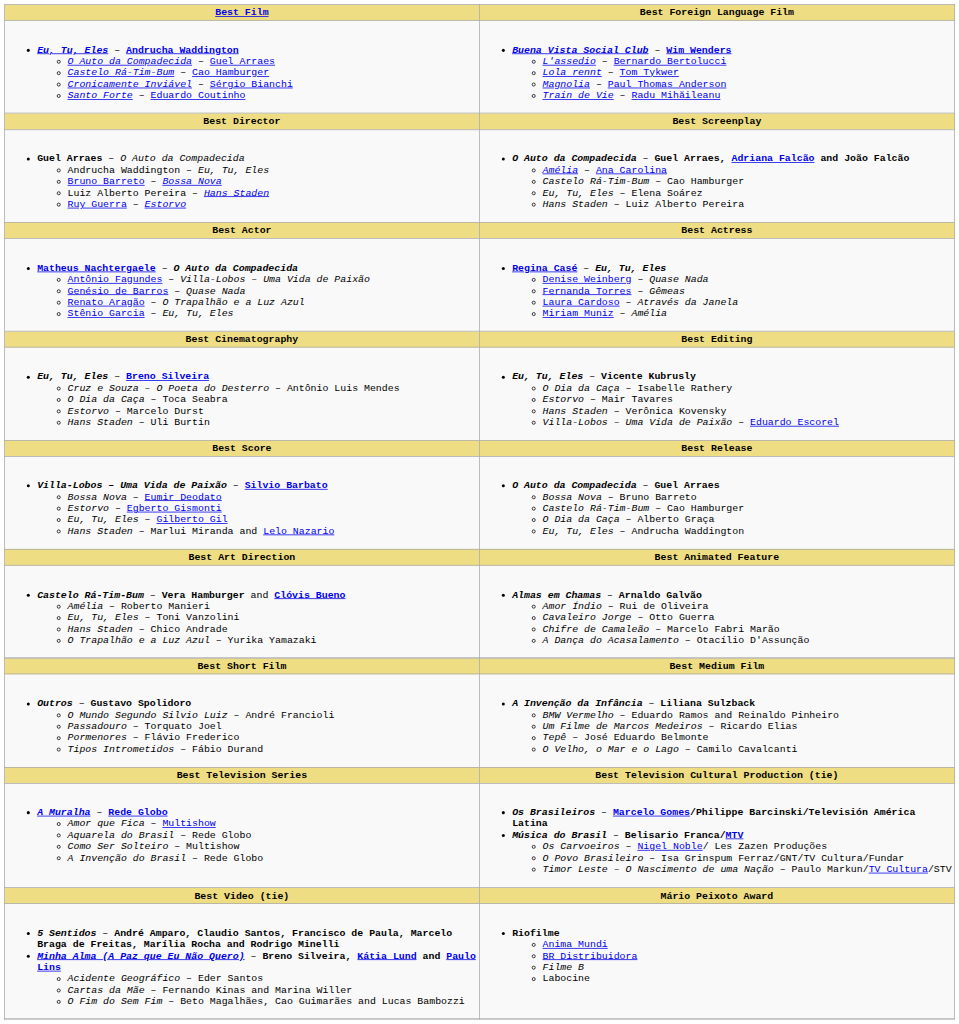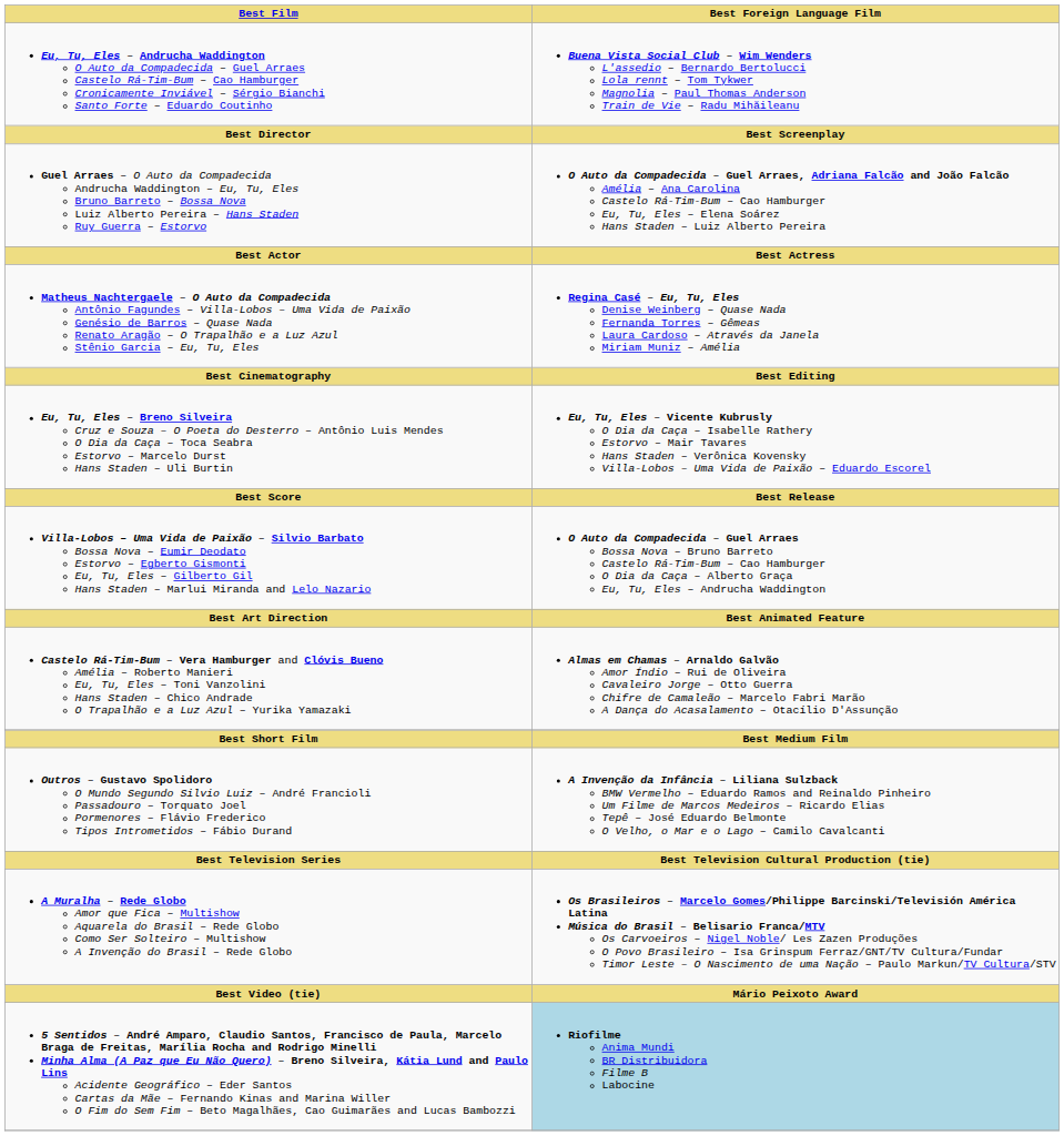 <table class=wikitable>
 <tr>
 <th style="background:#EEDD82; width:50%"><a href='#'>Best Film</a></th>
 <th style="background:#EEDD82; width:50%">Best Foreign Language Film</th>
 </tr>
 <tr>
 <td valign="top"><br><ul><li><strong><em><a href='#'>Eu, Tu, Eles</a></em></strong> – <strong><a href='#'>Andrucha Waddington</a></strong><ul><li><em><a href='#'>O Auto da Compadecida</a></em> – <a href='#'>Guel Arraes</a></li><li><em><a href='#'>Castelo Rá-Tim-Bum</a></em> – <a href='#'>Cao Hamburger</a></li><li><em><a href='#'>Cronicamente Inviável</a></em> – <a href='#'>Sérgio Bianchi</a></li><li><em><a href='#'>Santo Forte</a></em> – <a href='#'>Eduardo Coutinho</a></li></ul></li></ul></td>
 <td valign="top"><br><ul><li><strong><em><a href='#'>Buena Vista Social Club</a></em></strong> – <strong><a href='#'>Wim Wenders</a></strong><ul><li><em><a href='#'>L'assedio</a></em> – <a href='#'>Bernardo Bertolucci</a></li><li><em><a href='#'>Lola rennt</a></em> – <a href='#'>Tom Tykwer</a></li><li><em><a href='#'>Magnolia</a></em> – <a href='#'>Paul Thomas Anderson</a></li><li><em><a href='#'>Train de Vie</a></em> – <a href='#'>Radu Mihăileanu</a></li></ul></li></ul></td>
 </tr>
 <tr>
 <th style="background:#EEDD82; width:50%">Best Director</th>
 <th style="background:#EEDD82; width:50%">Best Screenplay</th>
 </tr>
 <tr>
 <td valign="top"><br><ul><li><strong>Guel Arraes</strong> – <em>O Auto da Compadecida</em><ul><li>Andrucha Waddington – <em>Eu, Tu, Eles</em></li><li><a href='#'>Bruno Barreto</a> – <em><a href='#'>Bossa Nova</a></em></li><li>Luiz Alberto Pereira – <em><a href='#'>Hans Staden</a></em></li><li><a href='#'>Ruy Guerra</a> – <em><a href='#'>Estorvo</a></em></li></ul></li></ul></td>
 <td valign="top"><br><ul><li><strong><em>O Auto da Compadecida</em></strong> – <strong>Guel Arraes, <a href='#'>Adriana Falcão</a> and João Falcão</strong><ul><li><em><a href='#'>Amélia</a></em> – <a href='#'>Ana Carolina</a></li><li><em>Castelo Rá-Tim-Bum</em> – Cao Hamburger</li><li><em>Eu, Tu, Eles</em> – Elena Soárez</li><li><em>Hans Staden</em> – Luiz Alberto Pereira</li></ul></li></ul></td>
 </tr>
 <tr>
 <th style="background:#EEDD82; width:50%">Best Actor</th>
 <th style="background:#EEDD82; width:50%">Best Actress</th>
 </tr>
 <tr>
 <td valign="top"><br><ul><li><strong><a href='#'>Matheus Nachtergaele</a></strong> – <strong><em>O Auto da Compadecida</em></strong><ul><li><a href='#'>Antônio Fagundes</a> – <em>Villa-Lobos – Uma Vida de Paixão</em></li><li><a href='#'>Genésio de Barros</a> – <em>Quase Nada</em></li><li><a href='#'>Renato Aragão</a> – <em>O Trapalhão e a Luz Azul</em></li><li><a href='#'>Stênio Garcia</a> – <em>Eu, Tu, Eles</em></li></ul></li></ul></td>
 <td valign="top"><br><ul><li><strong><a href='#'>Regina Casé</a></strong> – <strong><em>Eu, Tu, Eles</em></strong><ul><li><a href='#'>Denise Weinberg</a> – <em>Quase Nada</em></li><li><a href='#'>Fernanda Torres</a> – <em>Gêmeas</em></li><li><a href='#'>Laura Cardoso</a> – <em>Através da Janela</em></li><li><a href='#'>Miriam Muniz</a> – <em>Amélia</em></li></ul></li></ul></td>
 </tr>
 <tr>
 <th style="background:#EEDD82; width:50%">Best Cinematography</th>
 <th style="background:#EEDD82; width:50%">Best Editing</th>
 </tr>
 <tr>
 <td valign="top"><br><ul><li><strong><em>Eu, Tu, Eles</em></strong> – <strong><a href='#'>Breno Silveira</a></strong><ul><li><em>Cruz e Souza – O Poeta do Desterro</em> – Antônio Luis Mendes</li><li><em>O Dia da Caça</em> – Toca Seabra</li><li><em>Estorvo</em> – Marcelo Durst</li><li><em>Hans Staden</em> – Uli Burtin</li></ul></li></ul></td>
 <td valign="top"><br><ul><li><strong><em>Eu, Tu, Eles</em></strong> – <strong>Vicente Kubrusly</strong><ul><li><em>O Dia da Caça</em> – Isabelle Rathery</li><li><em>Estorvo</em> – Mair Tavares</li><li><em>Hans Staden</em> – Verônica Kovensky</li><li><em>Villa-Lobos – Uma Vida de Paixão</em> – <a href='#'>Eduardo Escorel</a></li></ul></li></ul></td>
 </tr>
 <tr>
 <th style="background:#EEDD82; width:50%">Best Score</th>
 <th style="background:#EEDD82; width:50%">Best Release</th>
 </tr>
 <tr>
 <td valign="top"><br><ul><li><strong><em>Villa-Lobos – Uma Vida de Paixão</em></strong> – <strong><a href='#'>Silvio Barbato</a></strong><ul><li><em>Bossa Nova</em> – <a href='#'>Eumir Deodato</a></li><li><em>Estorvo</em> – <a href='#'>Egberto Gismonti</a></li><li><em>Eu, Tu, Eles</em> – <a href='#'>Gilberto Gil</a></li><li><em>Hans Staden</em> – Marlui Miranda and <a href='#'>Lelo Nazario</a></li></ul></li></ul></td>
 <td valign="top"><br><ul><li><strong><em>O Auto da Compadecida</em></strong> – <strong>Guel Arraes</strong><ul><li><em>Bossa Nova</em> – Bruno Barreto</li><li><em>Castelo Rá-Tim-Bum</em> – Cao Hamburger</li><li><em>O Dia da Caça</em> – Alberto Graça</li><li><em>Eu, Tu, Eles</em> – Andrucha Waddington</li></ul></li></ul></td>
 </tr>
 <tr>
 <th style="background:#EEDD82; width:50%">Best Art Direction</th>
 <th style="background:#EEDD82; width:50%">Best Animated Feature</th>
 </tr>
 <tr>
 <td valign="top"><br><ul><li><strong><em>Castelo Rá-Tim-Bum</em></strong> – <strong>Vera Hamburger</strong> and <strong><a href='#'>Clóvis Bueno</a></strong><ul><li><em>Amélia</em> – Roberto Manieri</li><li><em>Eu, Tu, Eles</em> – Toni Vanzolini</li><li><em>Hans Staden</em> – Chico Andrade</li><li><em>O Trapalhão e a Luz Azul</em> – Yurika Yamazaki</li></ul></li></ul></td>
 <td valign="top"><br><ul><li><strong><em>Almas em Chamas</em></strong> – <strong>Arnaldo Galvão</strong><ul><li><em>Amor Índio</em> – Rui de Oliveira</li><li><em>Cavaleiro Jorge</em> – Otto Guerra</li><li><em>Chifre de Camaleão</em> – Marcelo Fabri Marão</li><li><em>A Dança do Acasalamento</em> – Otacílio D'Assunção</li></ul></li></ul></td>
 </tr>
 <tr>
 </tr>
 <tr>
 <th style="background:#EEDD82; width:50%">Best Short Film</th>
 <th style="background:#EEDD82; width:50%">Best Medium Film</th>
 </tr>
 <tr>
 <td valign="top"><br><ul><li><strong><em>Outros</em></strong> – <strong>Gustavo Spolidoro</strong><ul><li><em>O Mundo Segundo Silvio Luiz</em> – André Francioli</li><li><em>Passadouro</em> – Torquato Joel</li><li><em>Pormenores</em> – Flávio Frederico</li><li><em>Tipos Intrometidos</em> –  Fábio Durand</li></ul></li></ul></td>
 <td valign="top"><br><ul><li><strong><em>A Invenção da Infância</em></strong> – <strong>Liliana Sulzback</strong><ul><li><em>BMW Vermelho</em> – Eduardo Ramos and Reinaldo Pinheiro</li><li><em>Um Filme de Marcos Medeiros</em> – Ricardo Elias</li><li><em>Tepê</em> – José Eduardo Belmonte</li><li><em>O Velho, o Mar e o Lago</em> – Camilo Cavalcanti</li></ul></li></ul></td>
 </tr>
 <tr>
 <th style="background:#EEDD82; width:50%">Best Television Series</th>
 <th style="background:#EEDD82; width:50%">Best Television Cultural Production (tie)</th>
 </tr>
 <tr>
 <td valign="top"><br><ul><li><strong><em><a href='#'>A Muralha</a></em></strong> – <strong><a href='#'>Rede Globo</a></strong><ul><li><em>Amor que Fica</em> – <a href='#'>Multishow</a></li><li><em>Aquarela do Brasil</em> – Rede Globo</li><li><em>Como Ser Solteiro</em> – Multishow</li><li><em>A Invenção do Brasil</em> – Rede Globo</li></ul></li></ul></td>
 <td valign="top"><br><ul><li><strong><em>Os Brasileiros</em></strong> – <strong><a href='#'>Marcelo Gomes</a>/Philippe Barcinski/Televisión América Latina</strong></li><li><strong><em>Música do Brasil</em></strong> – <strong>Belisario Franca/<a href='#'>MTV</a></strong><ul><li><em>Os Carvoeiros</em> – <a href='#'>Nigel Noble</a>/ Les Zazen Produções</li><li><em>O Povo Brasileiro</em> – Isa Grinspum Ferraz/GNT/TV Cultura/Fundar</li><li><em>Timor Leste – O Nascimento de uma Nação</em> – Paulo Markun/<a href='#'>TV Cultura</a>/STV</li></ul></li></ul></td>
 </tr>
 <tr>
 <th style="background:#EEDD82; width:50%">Best Video (tie)</th>
 <th style="background:#EEDD82; width:50%">Mário Peixoto Award</th>
 </tr>
 <tr>
 <td valign="top"><br><ul><li><strong><em>5 Sentidos</em></strong> – <strong>André Amparo, Claudio Santos, Francisco de Paula, Marcelo Braga de Freitas, Marília Rocha and Rodrigo Minelli</strong></li><li><strong><em><a href='#'>Minha Alma (A Paz que Eu Não Quero)</a></em></strong> – <strong>Breno Silveira, <a href='#'>Kátia Lund</a> and <a href='#'>Paulo Lins</a></strong><ul><li><em>Acidente Geográfico</em> – Eder Santos</li><li><em>Cartas da Mãe</em> – Fernando Kinas and Marina Willer</li><li><em>O Fim do Sem Fim</em> – Beto Magalhães, Cao Guimarães and Lucas Bambozzi</li></ul></li></ul></td>
-<td valign="top"><br><ul><li><strong>Riofilme</strong><ul><li><a href='#'>Anima Mundi</a></li><li><a href='#'>BR Distribuidora</a></li><li><em>Filme B</em></li><li>Labocine</li></ul></li></ul></td>
+<td valign="top" style="background: lightblue;"><br><ul><li><strong>Riofilme</strong><ul><li><a href='#'>Anima Mundi</a></li><li><a href='#'>BR Distribuidora</a></li><li><em>Filme B</em></li><li>Labocine</li></ul></li></ul></td>
 </tr>
 <tr>
 </tr>
 </table>
